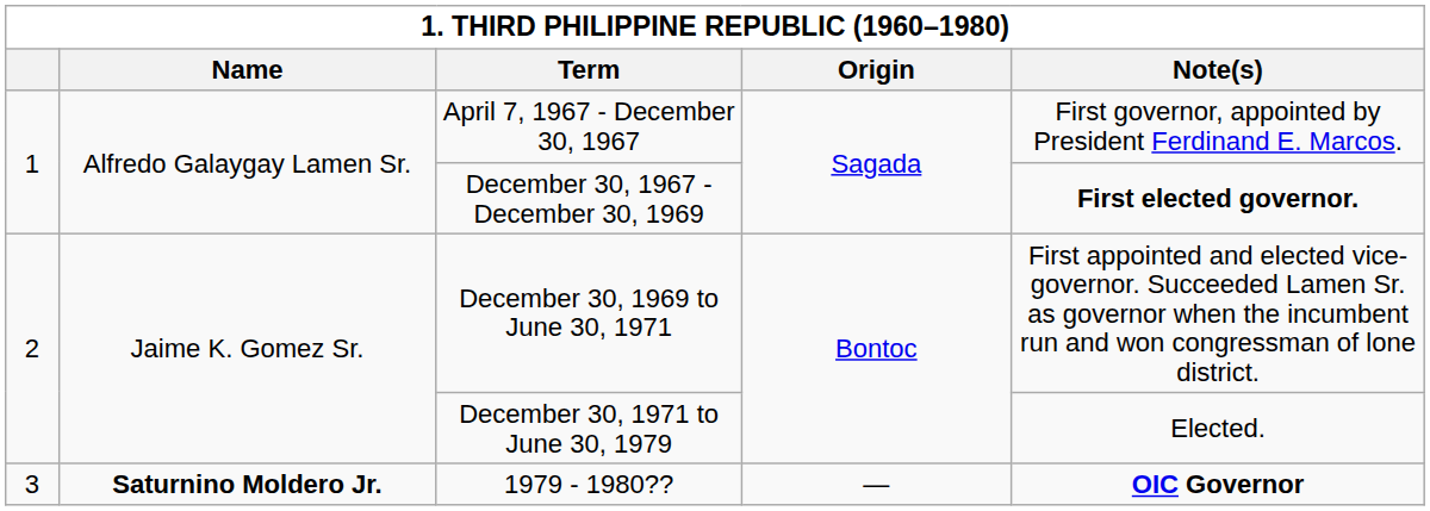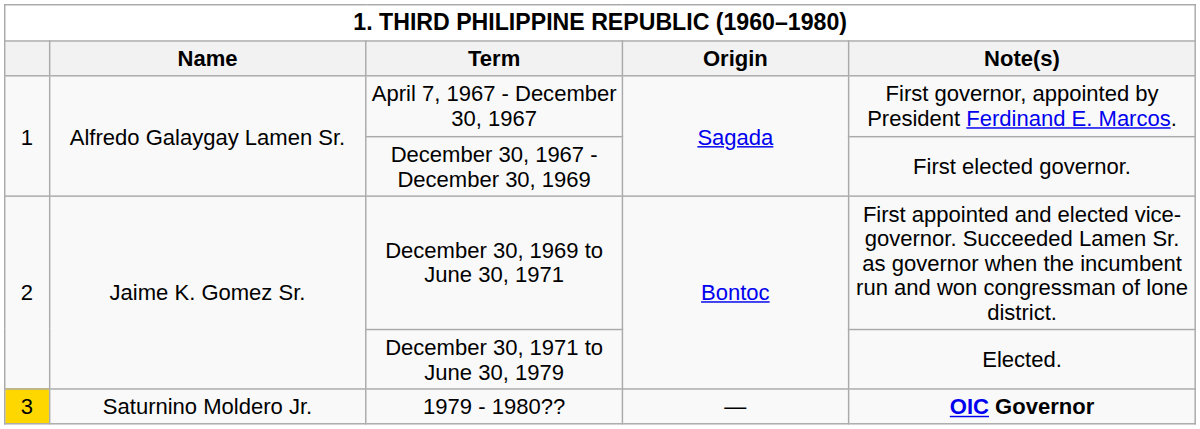 <table class="wikitable collapsible collapsed" style="vertical-align:top;text-align:center;font-size:95%;">
 <tr>
 <th style="background-color:white;font-size:105%;width:51em;" colspan=5>1. THIRD PHILIPPINE REPUBLIC (1960–1980)</th>
 </tr>
 <tr>
 <th style="width: 1em;text-align:center"></th>
 <th style="width: 10em;text-align:center">Name</th>
 <th style="width: 8em;text-align:center">Term</th>
 <th style="width: 7em;text-align:center">Origin</th>
 <th style="width: 11em;text-align:center">Note(s)</th>
 </tr>
 <tr>
 <td rowspan=2>1</td>
 <td rowspan=2>Alfredo Galaygay Lamen Sr.</td>
 <td>April 7, 1967  - December 30, 1967</td>
 <td rowspan=2><a href='#'>Sagada</a></td>
 <td>First governor, appointed by President <a href='#'>Ferdinand E. Marcos</a>.</td>
 </tr>
 <tr>
 <td>December 30, 1967 - December 30, 1969</td>
-<td><strong>First elected governor.</strong></td>
+<td>First elected governor.</td>
 </tr>
 <tr>
 <td rowspan=2>2</td>
 <td rowspan=2>Jaime K. Gomez Sr.</td>
 <td>December 30, 1969 to June 30, 1971</td>
 <td rowspan=2><a href='#'>Bontoc</a></td>
 <td>First appointed and elected vice-governor. Succeeded Lamen Sr. as governor when the incumbent run and won congressman of lone district.</td>
 </tr>
 <tr>
 <td>December 30, 1971 to June 30, 1979</td>
 <td>Elected.</td>
 </tr>
 <tr>
-<td>3</td>
-<td><strong>Saturnino Moldero Jr.</strong></td>
+<td style="background: gold;">3</td>
+<td>Saturnino Moldero Jr.</td>
 <td>1979 - 1980??</td>
 <td>—</td>
 <td><strong><a href='#'>OIC</a> Governor</strong></td>
 </tr>
 </table>
